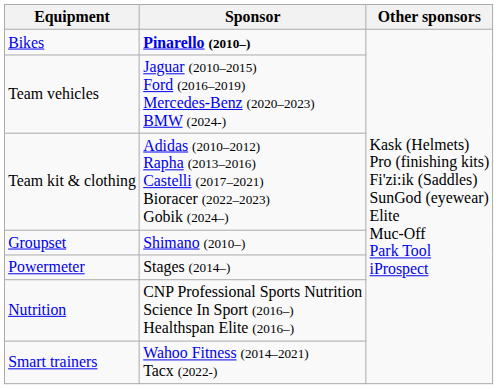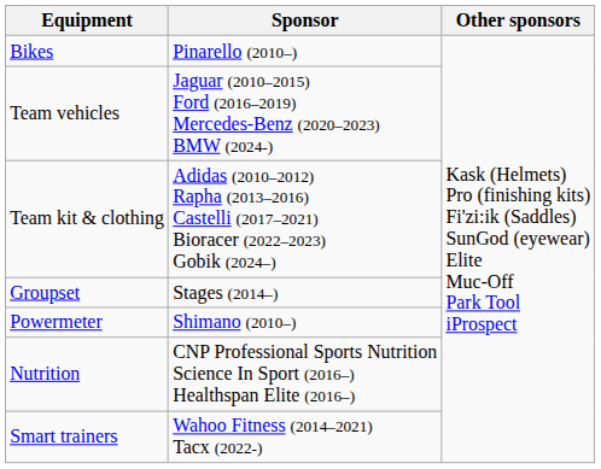 <table class="wikitable">
 <tr>
 <th>Equipment</th>
 <th>Sponsor</th>
 <th>Other sponsors</th>
 </tr>
 <tr>
 <td><a href='#'>Bikes</a></td>
-<td><strong><a href='#'>Pinarello</a> <small>(2010–)</small></strong></td>
+<td><a href='#'>Pinarello</a> <small>(2010–)</small></td>
 <td rowspan="7">Kask (Helmets)<br> Pro (finishing kits) <br>Fi'zi:ik (Saddles) <br> SunGod (eyewear)<br> Elite <br> Muc-Off <br> <a href='#'>Park Tool</a> <br><a href='#'>iProspect</a></td>
 </tr>
 <tr>
 <td>Team vehicles</td>
 <td><a href='#'>Jaguar</a> <small>(2010–2015)</small><br> <a href='#'>Ford</a> <small>(2016–2019)</small><br> <a href='#'>Mercedes-Benz</a> <small>(2020–2023)</small><br> <a href='#'>BMW</a> <small> (2024-)</small></td>
 </tr>
 <tr>
 <td>Team kit & clothing</td>
 <td><a href='#'>Adidas</a> <small>(2010–2012)</small><br> <a href='#'>Rapha</a> <small>(2013–2016)</small><br> <a href='#'>Castelli</a> <small>(2017–2021)</small><br> Bioracer <small>(2022–2023)</small><br> Gobik <small>(2024–)</small></td>
 </tr>
 <tr>
 <td><a href='#'>Groupset</a></td>
-<td><a href='#'>Shimano</a> <small>(2010–)</small></td>
+<td>Stages <small>(2014–)</small></td>
 </tr>
 <tr>
 <td><a href='#'>Powermeter</a></td>
-<td>Stages <small>(2014–)</small></td>
+<td><a href='#'>Shimano</a> <small>(2010–)</small></td>
 </tr>
 <tr>
 <td><a href='#'>Nutrition</a></td>
 <td>CNP Professional Sports Nutrition<br> Science In Sport <small>(2016–)</small> <br> Healthspan Elite <small>(2016–)</small></td>
 </tr>
 <tr>
 <td><a href='#'>Smart trainers</a></td>
 <td><a href='#'>Wahoo Fitness</a> <small>(2014–2021)</small><br> Tacx <small>(2022-)</small></td>
 </tr>
 </table>
